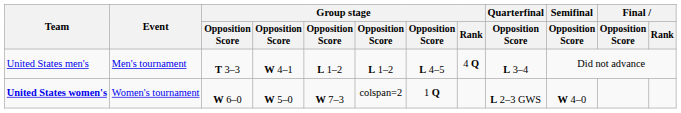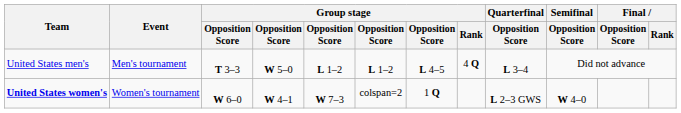 <table class=wikitable style=font-size:90%;text-align:center>
 <tr>
 <th rowspan=2>Team</th>
 <th rowspan=2>Event</th>
 <th colspan=6>Group stage</th>
 <th>Quarterfinal</th>
 <th>Semifinal</th>
 <th colspan=2>Final / </th>
 </tr>
 <tr style=font-size:95%>
 <th>Opposition<br>Score</th>
 <th>Opposition<br>Score</th>
 <th>Opposition<br>Score</th>
 <th>Opposition<br>Score</th>
 <th>Opposition<br>Score</th>
 <th>Rank</th>
 <th>Opposition<br>Score</th>
 <th>Opposition<br>Score</th>
 <th>Opposition<br>Score</th>
 <th>Rank</th>
 </tr>
 <tr>
 <td align=left><a href='#'>United States men's</a></td>
 <td align=left><a href='#'>Men's tournament</a></td>
 <td><br><strong>T</strong> 3–3</td>
-<td><br><strong>W</strong> 4–1</td>
+<td><br><strong>W</strong> 5–0</td>
 <td><br><strong>L</strong> 1–2</td>
 <td><br><strong>L</strong> 1–2</td>
 <td><br><strong>L</strong> 4–5</td>
 <td>4 <strong>Q</strong></td>
 <td><br><strong>L</strong> 3–4</td>
 <td colspan=3>Did not advance</td>
 </tr>
 <tr>
 <td align=left><strong><a href='#'>United States women's</a></strong></td>
 <td align=left><a href='#'>Women's tournament</a></td>
 <td><br><strong>W</strong> 6–0</td>
-<td><br><strong>W</strong> 5–0</td>
+<td><br><strong>W</strong> 4–1</td>
 <td><br><strong>W</strong> 7–3</td>
 <td>colspan=2 </td>
 <td>1 <strong>Q</strong></td>
 <td></td>
 <td><br><strong>L</strong> 2–3 GWS</td>
 <td><br><strong>W</strong> 4–0</td>
 <td></td>
 </tr>
 </table>
